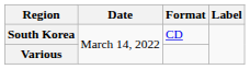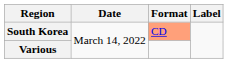 <table class="wikitable plainrowheaders">
 <tr>
 <th scope="col">Region</th>
 <th scope="col">Date</th>
 <th scope="col">Format</th>
 <th scope="col">Label</th>
 </tr>
 <tr>
 <th scope="row">South Korea</th>
 <td rowspan="2">March 14, 2022</td>
-<td><a href='#'>CD</a></td>
+<td style="background: lightsalmon;"><a href='#'>CD</a></td>
 <td rowspan="2"></td>
 </tr>
 <tr>
 <th scope="row">Various </th>
 <td></td>
 </tr>
 </table>
